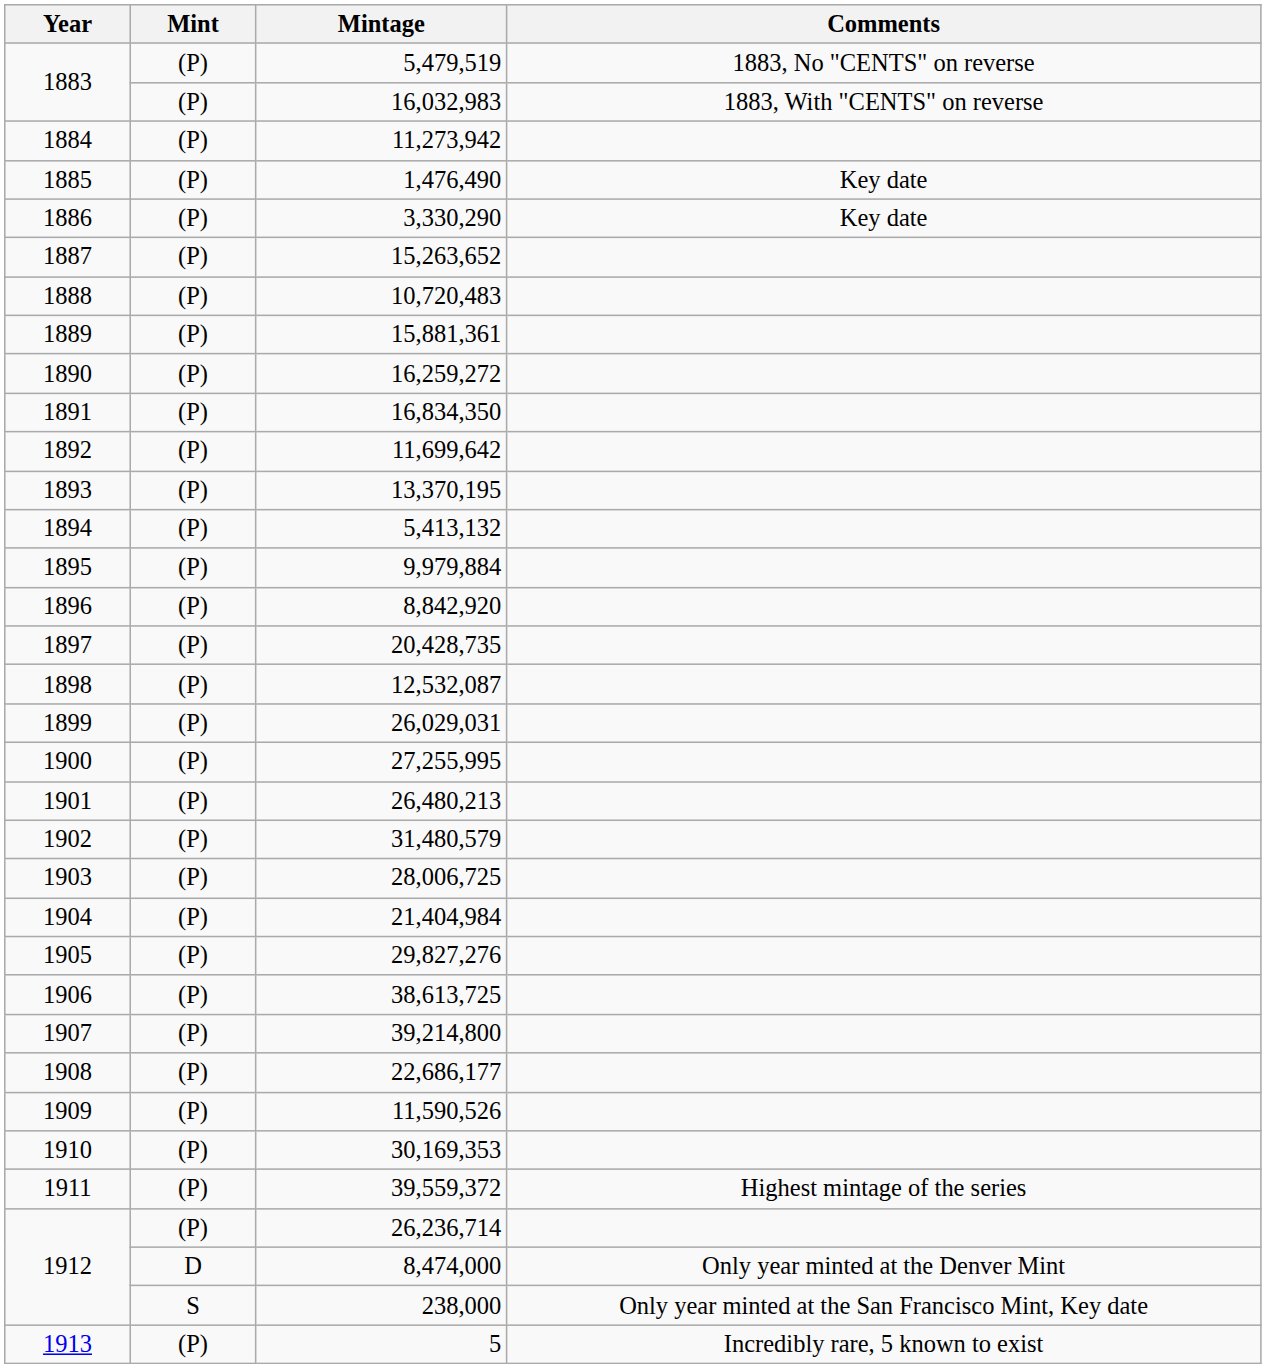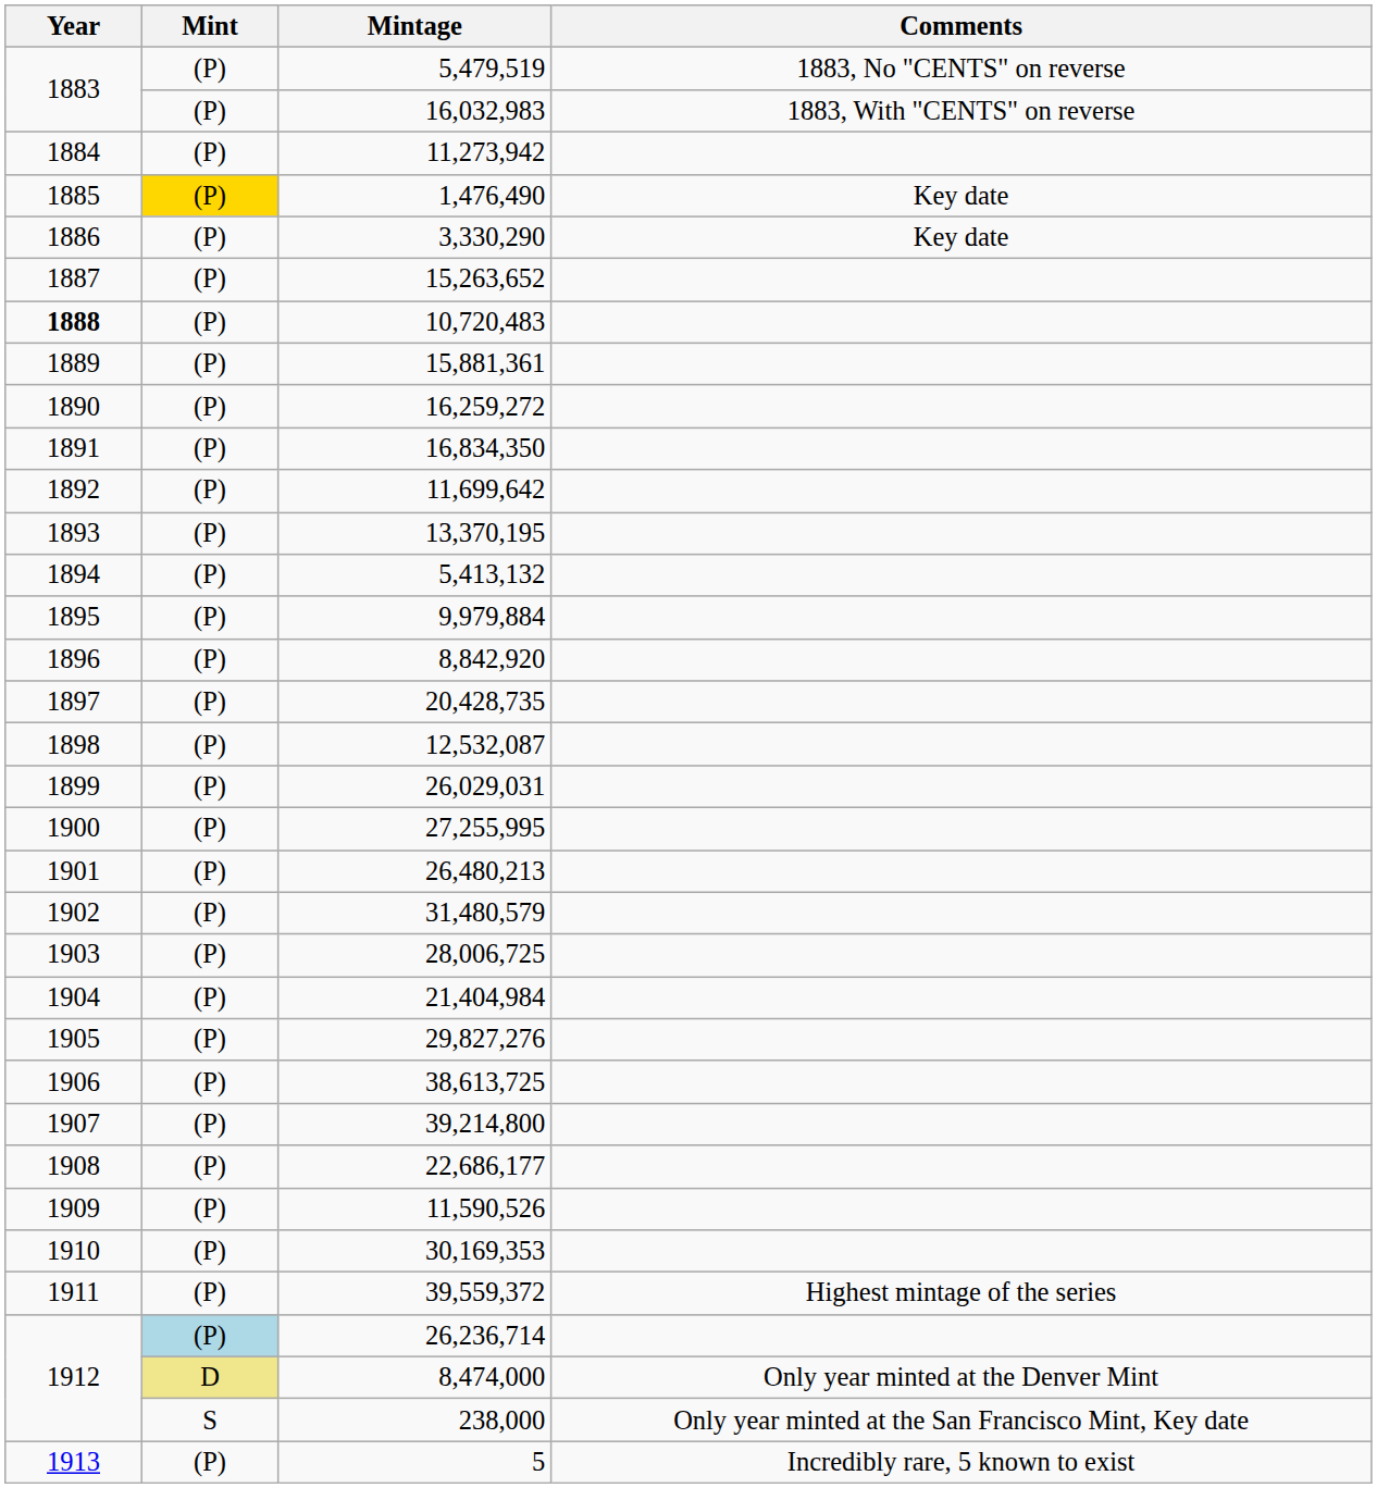 <table class="wikitable sortable" style="min-width:65%; text-align:center;">
 <tr>
 <th width="10%">Year</th>
 <th width="10%">Mint</th>
 <th width="20%">Mintage</th>
 <th width="60%">Comments</th>
 </tr>
 <tr>
 <td rowspan="2">1883</td>
 <td>(P)</td>
 <td align="right">5,479,519</td>
 <td>1883, No "CENTS" on reverse</td>
 </tr>
 <tr>
 <td>(P)</td>
 <td align="right">16,032,983</td>
 <td>1883, With "CENTS" on reverse</td>
 </tr>
 <tr>
 <td>1884</td>
 <td>(P)</td>
 <td align="right">11,273,942</td>
 <td></td>
 </tr>
 <tr>
 <td>1885</td>
-<td>(P)</td>
+<td style="background: gold;">(P)</td>
 <td align="right">1,476,490</td>
 <td>Key date</td>
 </tr>
 <tr>
 <td>1886</td>
 <td>(P)</td>
 <td align="right">3,330,290</td>
 <td>Key date</td>
 </tr>
 <tr>
 <td>1887</td>
 <td>(P)</td>
 <td align="right">15,263,652</td>
 <td></td>
 </tr>
 <tr>
-<td>1888</td>
+<td><strong>1888</strong></td>
 <td>(P)</td>
 <td align="right">10,720,483</td>
 <td></td>
 </tr>
 <tr>
 <td>1889</td>
 <td>(P)</td>
 <td align="right">15,881,361</td>
 <td></td>
 </tr>
 <tr>
 <td>1890</td>
 <td>(P)</td>
 <td align="right">16,259,272</td>
 <td></td>
 </tr>
 <tr>
 <td>1891</td>
 <td>(P)</td>
 <td align="right">16,834,350</td>
 <td></td>
 </tr>
 <tr>
 <td>1892</td>
 <td>(P)</td>
 <td align="right">11,699,642</td>
 <td></td>
 </tr>
 <tr>
 <td>1893</td>
 <td>(P)</td>
 <td align="right">13,370,195</td>
 <td></td>
 </tr>
 <tr>
 <td>1894</td>
 <td>(P)</td>
 <td align="right">5,413,132</td>
 <td></td>
 </tr>
 <tr>
 <td>1895</td>
 <td>(P)</td>
 <td align="right">9,979,884</td>
 <td></td>
 </tr>
 <tr>
 <td>1896</td>
 <td>(P)</td>
 <td align="right">8,842,920</td>
 <td></td>
 </tr>
 <tr>
 <td>1897</td>
 <td>(P)</td>
 <td align="right">20,428,735</td>
 <td></td>
 </tr>
 <tr>
 <td>1898</td>
 <td>(P)</td>
 <td align="right">12,532,087</td>
 <td></td>
 </tr>
 <tr>
 <td>1899</td>
 <td>(P)</td>
 <td align="right">26,029,031</td>
 <td></td>
 </tr>
 <tr>
 <td>1900</td>
 <td>(P)</td>
 <td align="right">27,255,995</td>
 <td></td>
 </tr>
 <tr>
 <td>1901</td>
 <td>(P)</td>
 <td align="right">26,480,213</td>
 <td></td>
 </tr>
 <tr>
 <td>1902</td>
 <td>(P)</td>
 <td align="right">31,480,579</td>
 <td></td>
 </tr>
 <tr>
 <td>1903</td>
 <td>(P)</td>
 <td align="right">28,006,725</td>
 <td></td>
 </tr>
 <tr>
 <td>1904</td>
 <td>(P)</td>
 <td align="right">21,404,984</td>
 <td></td>
 </tr>
 <tr>
 <td>1905</td>
 <td>(P)</td>
 <td align="right">29,827,276</td>
 <td></td>
 </tr>
 <tr>
 <td>1906</td>
 <td>(P)</td>
 <td align="right">38,613,725</td>
 <td></td>
 </tr>
 <tr>
 <td>1907</td>
 <td>(P)</td>
 <td align="right">39,214,800</td>
 <td></td>
 </tr>
 <tr>
 <td>1908</td>
 <td>(P)</td>
 <td align="right">22,686,177</td>
 <td></td>
 </tr>
 <tr>
 <td>1909</td>
 <td>(P)</td>
 <td align="right">11,590,526</td>
 <td></td>
 </tr>
 <tr>
 <td>1910</td>
 <td>(P)</td>
 <td align="right">30,169,353</td>
 <td></td>
 </tr>
 <tr>
 <td>1911</td>
 <td>(P)</td>
 <td align="right">39,559,372</td>
 <td>Highest mintage of the series</td>
 </tr>
 <tr>
 <td rowspan="3">1912</td>
-<td>(P)</td>
+<td style="background: lightblue;">(P)</td>
 <td align="right">26,236,714</td>
 <td></td>
 </tr>
 <tr>
-<td>D</td>
+<td style="background: khaki;">D</td>
 <td align="right">8,474,000</td>
 <td>Only year minted at the Denver Mint</td>
 </tr>
 <tr>
 <td>S</td>
 <td align="right">238,000</td>
 <td>Only year minted at the San Francisco Mint, Key date</td>
 </tr>
 <tr>
 <td><a href='#'>1913</a></td>
 <td>(P)</td>
 <td align="right">5</td>
 <td>Incredibly rare, 5 known to exist</td>
 </tr>
 </table>
